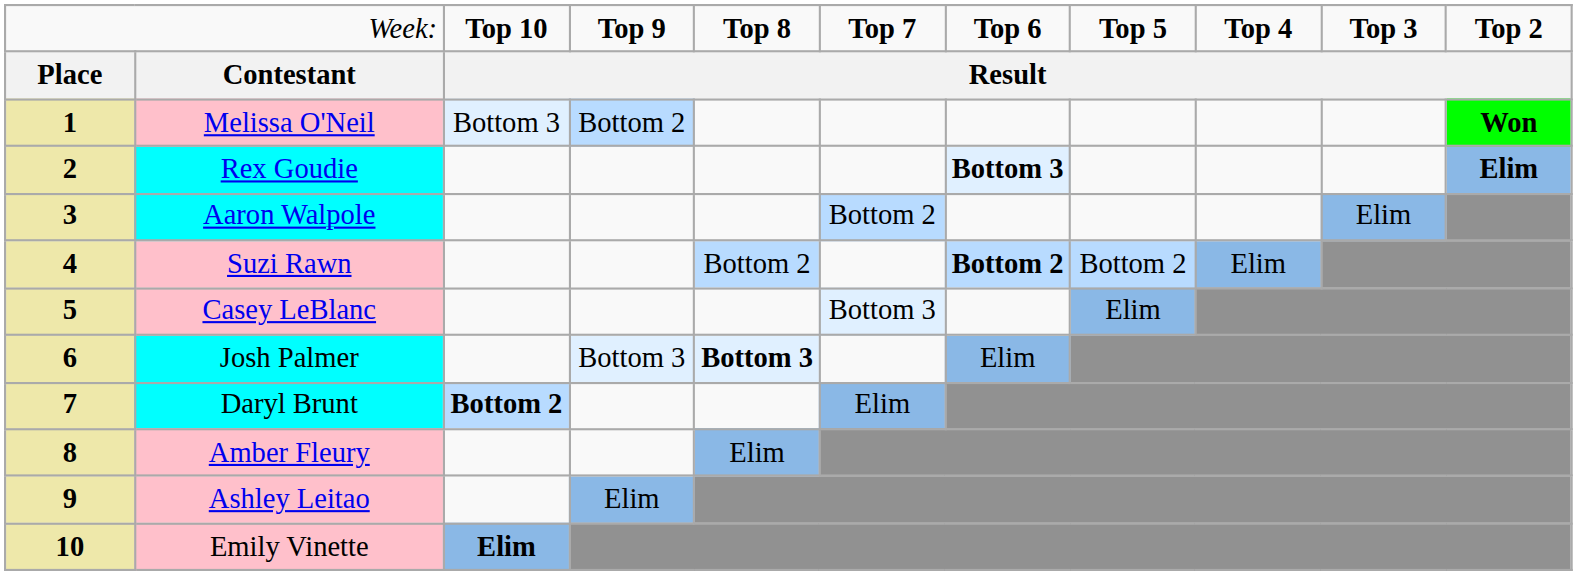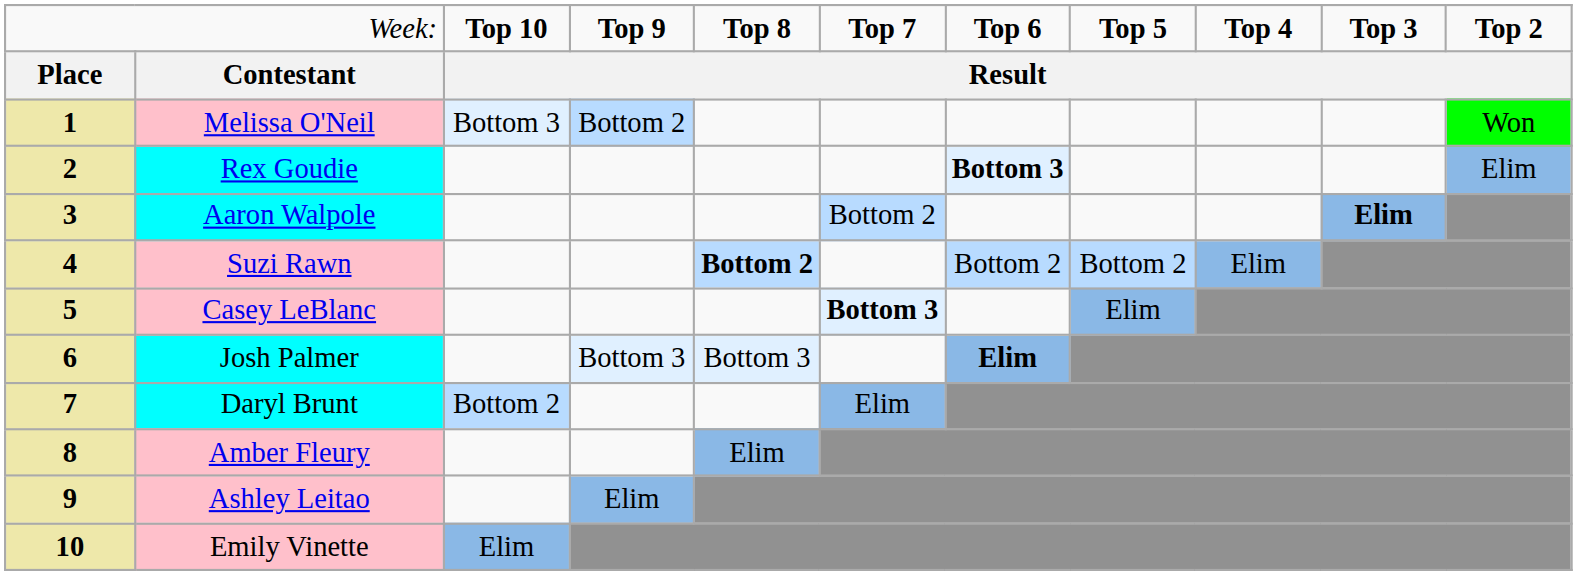 <table class="wikitable" style="text-align:center; font-size:85%">
 <tr>
 <td colspan="2" align="right"><em>Week:</em></td>
 <td align="center" width=8%><strong>Top 10</strong></td>
 <td align="center" width=8%><strong>Top 9</strong></td>
 <td align="center" width=8%><strong>Top 8</strong></td>
 <td align="center" width=8%><strong>Top 7</strong></td>
 <td align="center" width=8%><strong>Top 6</strong></td>
 <td align="center" width=8%><strong>Top 5</strong></td>
 <td align="center" width=8%><strong>Top 4</strong></td>
 <td align="center" width=8%><strong>Top 3</strong></td>
 <td align="center" width=8%><strong>Top 2</strong></td>
 </tr>
 <tr>
 <th>Place</th>
 <th>Contestant</th>
 <th colspan="9" align="center">Result</th>
 </tr>
 <tr>
 <td align="center" bgcolor="palegoldenrod"><strong>1</strong></td>
 <td bgcolor="pink"><a href='#'>Melissa O'Neil</a></td>
 <td bgcolor="E0F0FF" style="white-space:nowrap;">Bottom 3</td>
 <td bgcolor="B8DBFF" style="white-space:nowrap;">Bottom 2</td>
 <td></td>
 <td></td>
 <td></td>
 <td></td>
 <td></td>
 <td></td>
-<td bgcolor="lime" style="white-space:nowrap;"><strong>Won</strong></td>
+<td bgcolor="lime" style="white-space:nowrap;">Won</td>
 </tr>
 <tr>
 <td align="center" bgcolor="palegoldenrod"><strong>2</strong></td>
 <td bgcolor="cyan"><a href='#'>Rex Goudie</a></td>
 <td></td>
 <td></td>
 <td></td>
 <td></td>
 <td bgcolor="E0F0FF" style="white-space:nowrap;"><strong>Bottom 3</strong></td>
 <td></td>
 <td></td>
 <td></td>
-<td bgcolor="8AB8E6" align="center"><strong>Elim</strong></td>
+<td bgcolor="8AB8E6" align="center">Elim</td>
 </tr>
 <tr>
 <td align="center" bgcolor="palegoldenrod"><strong>3</strong></td>
 <td bgcolor="cyan"><a href='#'>Aaron Walpole</a></td>
 <td></td>
 <td></td>
 <td></td>
 <td bgcolor="B8DBFF" style="white-space:nowrap;">Bottom 2</td>
 <td></td>
 <td></td>
 <td></td>
-<td bgcolor="8AB8E6" align="center">Elim</td>
+<td bgcolor="8AB8E6" align="center"><strong>Elim</strong></td>
 <td bgcolor="919191" colspan="1"></td>
 </tr>
 <tr>
 <td align="center" bgcolor="palegoldenrod"><strong>4</strong></td>
 <td bgcolor="pink"><a href='#'>Suzi Rawn</a></td>
 <td></td>
 <td></td>
+<td bgcolor="B8DBFF" style="white-space:nowrap;"><strong>Bottom 2</strong></td>
+<td></td>
 <td bgcolor="B8DBFF" style="white-space:nowrap;">Bottom 2</td>
-<td></td>
-<td bgcolor="B8DBFF" style="white-space:nowrap;"><strong>Bottom 2</strong></td>
 <td bgcolor="B8DBFF" style="white-space:nowrap;">Bottom 2</td>
 <td bgcolor="8AB8E6" align="center">Elim</td>
 <td bgcolor="919191" colspan="2"></td>
 </tr>
 <tr>
 <td align="center" bgcolor="palegoldenrod"><strong>5</strong></td>
 <td bgcolor="pink"><a href='#'>Casey LeBlanc</a></td>
 <td></td>
 <td></td>
 <td></td>
-<td bgcolor="E0F0FF" style="white-space:nowrap;">Bottom 3</td>
+<td bgcolor="E0F0FF" style="white-space:nowrap;"><strong>Bottom 3</strong></td>
 <td></td>
 <td bgcolor="8AB8E6" align="center">Elim</td>
 <td bgcolor="919191" colspan="3"></td>
 </tr>
 <tr>
 <td align="center" bgcolor="palegoldenrod"><strong>6</strong></td>
 <td bgcolor="cyan">Josh Palmer</td>
 <td></td>
 <td bgcolor="E0F0FF" style="white-space:nowrap;">Bottom 3</td>
-<td bgcolor="E0F0FF" style="white-space:nowrap;"><strong>Bottom 3</strong></td>
+<td bgcolor="E0F0FF" style="white-space:nowrap;">Bottom 3</td>
 <td></td>
-<td bgcolor="8AB8E6" align="center">Elim</td>
+<td bgcolor="8AB8E6" align="center"><strong>Elim</strong></td>
 <td bgcolor="919191" colspan="4"></td>
 </tr>
 <tr>
 <td align="center" bgcolor="palegoldenrod"><strong>7</strong></td>
 <td bgcolor="cyan">Daryl Brunt</td>
-<td bgcolor="B8DBFF" style="white-space:nowrap;"><strong>Bottom 2</strong></td>
+<td bgcolor="B8DBFF" style="white-space:nowrap;">Bottom 2</td>
 <td></td>
 <td></td>
 <td bgcolor="8AB8E6" align="center">Elim</td>
 <td bgcolor="919191" colspan="5"></td>
 </tr>
 <tr>
 <td align="center" bgcolor="palegoldenrod"><strong>8</strong></td>
 <td bgcolor="pink"><a href='#'>Amber Fleury</a></td>
 <td></td>
 <td></td>
 <td bgcolor="8AB8E6" align="center">Elim</td>
 <td bgcolor="919191" colspan="6"></td>
 </tr>
 <tr>
 <td align="center" bgcolor="palegoldenrod"><strong>9</strong></td>
 <td bgcolor="pink"><a href='#'>Ashley Leitao</a></td>
 <td></td>
 <td bgcolor="8AB8E6" align="center">Elim</td>
 <td bgcolor="919191" colspan="7"></td>
 </tr>
 <tr>
 <td align="center" bgcolor="palegoldenrod"><strong>10</strong></td>
 <td bgcolor="pink">Emily Vinette</td>
-<td bgcolor="8AB8E6" align="center"><strong>Elim</strong></td>
+<td bgcolor="8AB8E6" align="center">Elim</td>
 <td bgcolor="919191" colspan="8"></td>
 </tr>
 </table>
